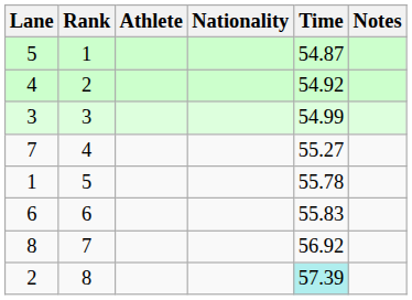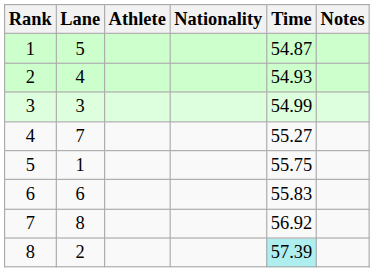 <table class="wikitable sortable" style="text-align:center">
 <tr>
+<th>Rank</th>
 <th>Lane</th>
-<th>Rank</th>
 <th>Athlete</th>
 <th>Nationality</th>
 <th>Time</th>
 <th class=unsortable>Notes</th>
 </tr>
 <tr bgcolor=ccffcc>
+<td>1</td>
 <td>5</td>
-<td>1</td>
 <td align=left></td>
 <td align=left></td>
 <td>54.87</td>
 <td></td>
 </tr>
 <tr bgcolor=ccffcc>
+<td>2</td>
 <td>4</td>
-<td>2</td>
 <td align=left></td>
 <td align=left></td>
-<td>54.92</td>
+<td>54.93</td>
 <td></td>
 </tr>
 <tr bgcolor=ddffdd>
 <td>3</td>
 <td>3</td>
 <td align=left></td>
 <td align=left></td>
 <td>54.99</td>
 <td></td>
 </tr>
 <tr>
+<td>4</td>
 <td>7</td>
-<td>4</td>
 <td align=left></td>
 <td align=left></td>
 <td>55.27</td>
 <td></td>
 </tr>
 <tr>
+<td>5</td>
 <td>1</td>
-<td>5</td>
 <td align=left></td>
 <td align=left></td>
-<td>55.78</td>
+<td>55.75</td>
 <td></td>
 </tr>
 <tr>
 <td>6</td>
 <td>6</td>
 <td align=left></td>
 <td align=left></td>
 <td>55.83</td>
 <td></td>
 </tr>
 <tr>
+<td>7</td>
 <td>8</td>
-<td>7</td>
 <td align=left></td>
 <td align=left></td>
 <td>56.92</td>
 <td></td>
 </tr>
 <tr>
+<td>8</td>
 <td>2</td>
-<td>8</td>
 <td align=left></td>
 <td align=left></td>
 <td style="background: paleturquoise;">57.39</td>
 <td></td>
 </tr>
 </table>
